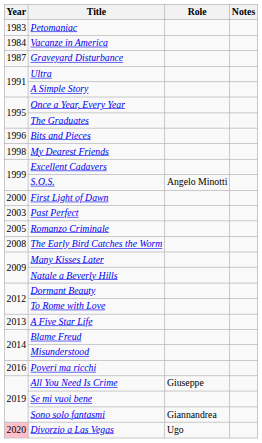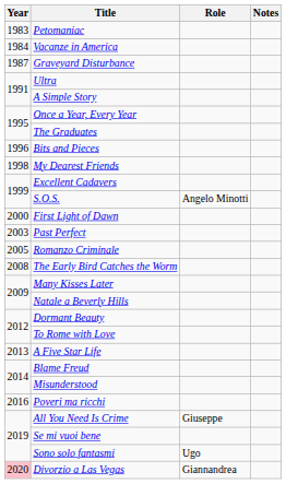 <table class="wikitable sortable">
 <tr>
 <th>Year</th>
 <th>Title</th>
 <th>Role</th>
 <th class="unsortable">Notes</th>
 </tr>
 <tr>
 <td>1983</td>
 <td><em><a href='#'>Petomaniac</a></em></td>
 <td></td>
 <td></td>
 </tr>
 <tr>
 <td>1984</td>
 <td><em><a href='#'>Vacanze in America</a></em></td>
 <td></td>
 <td></td>
 </tr>
 <tr>
 <td>1987</td>
 <td><em><a href='#'>Graveyard Disturbance</a></em></td>
 <td></td>
 <td></td>
 </tr>
 <tr>
 <td rowspan=2>1991</td>
 <td><em><a href='#'>Ultra</a></em></td>
 <td></td>
 <td></td>
 </tr>
 <tr>
 <td><em><a href='#'>A Simple Story</a></em></td>
 <td></td>
 <td></td>
 </tr>
 <tr>
 <td rowspan="2">1995</td>
 <td><em><a href='#'>Once a Year, Every Year</a></em></td>
 <td></td>
 <td></td>
 </tr>
 <tr>
 <td><em><a href='#'>The Graduates</a></em></td>
 <td></td>
 <td></td>
 </tr>
 <tr>
 <td>1996</td>
 <td><em><a href='#'>Bits and Pieces</a></em></td>
 <td></td>
 <td></td>
 </tr>
 <tr>
 <td>1998</td>
 <td><em><a href='#'>My Dearest Friends</a></em></td>
 <td></td>
 <td></td>
 </tr>
 <tr>
 <td rowspan=2>1999</td>
 <td><em><a href='#'>Excellent Cadavers</a></em></td>
 <td></td>
 <td></td>
 </tr>
 <tr>
 <td><em><a href='#'>S.O.S.</a></em></td>
 <td>Angelo Minotti</td>
 <td></td>
 </tr>
 <tr>
 <td>2000</td>
 <td><em><a href='#'>First Light of Dawn</a></em></td>
 <td></td>
 <td></td>
 </tr>
 <tr>
 <td>2003</td>
 <td><em><a href='#'>Past Perfect</a></em></td>
 <td></td>
 <td></td>
 </tr>
 <tr>
 <td>2005</td>
 <td><em><a href='#'>Romanzo Criminale</a></em></td>
 <td></td>
 <td></td>
 </tr>
 <tr>
 <td>2008</td>
 <td><em><a href='#'>The Early Bird Catches the Worm</a></em></td>
 <td></td>
 <td></td>
 </tr>
 <tr>
 <td rowspan=2>2009</td>
 <td><em><a href='#'>Many Kisses Later</a></em></td>
 <td></td>
 <td></td>
 </tr>
 <tr>
 <td><em><a href='#'>Natale a Beverly Hills</a></em></td>
 <td></td>
 <td></td>
 </tr>
 <tr>
 <td rowspan=2>2012</td>
 <td><em><a href='#'>Dormant Beauty</a></em></td>
 <td></td>
 <td></td>
 </tr>
 <tr>
 <td><em><a href='#'>To Rome with Love</a></em></td>
 <td></td>
 <td></td>
 </tr>
 <tr>
 <td>2013</td>
 <td><em><a href='#'>A Five Star Life</a></em></td>
 <td></td>
 <td></td>
 </tr>
 <tr>
 <td rowspan=2>2014</td>
 <td><em><a href='#'>Blame Freud</a></em></td>
 <td></td>
 <td></td>
 </tr>
 <tr>
 <td><em><a href='#'>Misunderstood</a></em></td>
 <td></td>
 <td></td>
 </tr>
 <tr>
 <td>2016</td>
 <td><em><a href='#'>Poveri ma ricchi</a></em></td>
 <td></td>
 <td></td>
 </tr>
 <tr>
 <td rowspan="3">2019</td>
 <td><em><a href='#'>All You Need Is Crime</a></em></td>
 <td>Giuseppe</td>
 <td></td>
 </tr>
 <tr>
 <td><em><a href='#'>Se mi vuoi bene</a></em></td>
 <td></td>
 <td></td>
 </tr>
 <tr>
 <td><em><a href='#'>Sono solo fantasmi</a></em></td>
-<td>Giannandrea</td>
+<td>Ugo</td>
 <td></td>
 </tr>
 <tr>
 <td style="background: pink;">2020</td>
 <td><em><a href='#'>Divorzio a Las Vegas</a></em></td>
-<td>Ugo</td>
+<td>Giannandrea</td>
 <td></td>
 </tr>
 </table>
